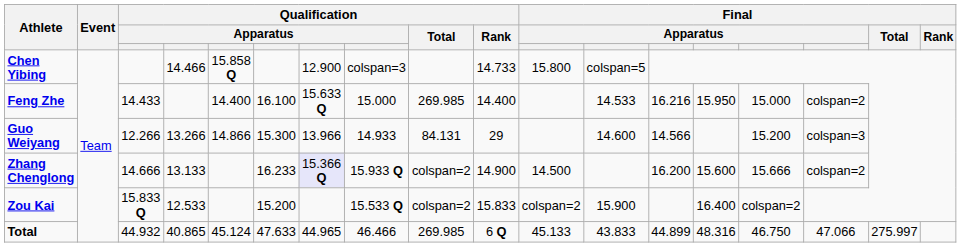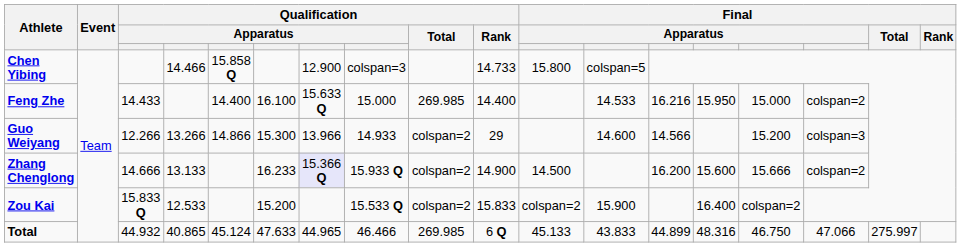 <table class="wikitable" style="font-size:90%">
 <tr>
 <th rowspan=3>Athlete</th>
 <th rowspan=3>Event</th>
 <th colspan =8>Qualification</th>
 <th colspan =8>Final</th>
 </tr>
 <tr style="font-size:95%">
 <th colspan=6>Apparatus</th>
 <th rowspan=2>Total</th>
 <th rowspan=2>Rank</th>
 <th colspan=6>Apparatus</th>
 <th rowspan=2>Total</th>
 <th rowspan=2>Rank</th>
 </tr>
 <tr style="font-size:95%">
 <th></th>
 <th></th>
 <th></th>
 <th></th>
 <th></th>
 <th></th>
 <th></th>
 <th></th>
 <th></th>
 <th></th>
 <th></th>
 <th></th>
 </tr>
 <tr align=center>
 <td align=left><strong><a href='#'>Chen Yibing</a></strong></td>
 <td align=left rowspan=6><a href='#'>Team</a></td>
 <td></td>
 <td>14.466</td>
 <td>15.858 <strong>Q</strong></td>
 <td></td>
 <td>12.900</td>
 <td>colspan=3 </td>
 <td></td>
 <td>14.733</td>
 <td>15.800</td>
 <td>colspan=5 </td>
 </tr>
 <tr align=center>
 <td align=left><strong><a href='#'>Feng Zhe</a></strong></td>
 <td>14.433</td>
 <td></td>
 <td>14.400</td>
 <td>16.100</td>
 <td>15.633 <strong>Q</strong></td>
 <td>15.000</td>
 <td>269.985</td>
 <td>14.400</td>
 <td></td>
 <td>14.533</td>
 <td>16.216</td>
 <td>15.950</td>
 <td>15.000</td>
 <td>colspan=2 </td>
 </tr>
 <tr align=center>
 <td align=left><strong><a href='#'>Guo Weiyang</a></strong></td>
 <td>12.266</td>
 <td>13.266</td>
 <td>14.866</td>
 <td>15.300</td>
 <td>13.966</td>
 <td>14.933</td>
-<td>84.131</td>
+<td>colspan=2 </td>
 <td>29</td>
 <td></td>
 <td>14.600</td>
 <td>14.566</td>
 <td></td>
 <td>15.200</td>
 <td>colspan=3 </td>
 </tr>
 <tr align=center>
 <td align=left><strong><a href='#'>Zhang Chenglong</a></strong></td>
 <td>14.666</td>
 <td>13.133</td>
 <td></td>
 <td>16.233</td>
 <td style="background: lavender;">15.366 <strong>Q</strong></td>
 <td>15.933 <strong>Q</strong></td>
 <td>colspan=2 </td>
 <td>14.900</td>
 <td>14.500</td>
 <td></td>
 <td>16.200</td>
 <td>15.600</td>
 <td>15.666</td>
 <td>colspan=2 </td>
 </tr>
 <tr align=center>
 <td align=left><strong><a href='#'>Zou Kai</a></strong></td>
 <td>15.833 <strong>Q</strong></td>
 <td>12.533</td>
 <td></td>
 <td>15.200</td>
 <td></td>
 <td>15.533 <strong>Q</strong></td>
 <td>colspan=2 </td>
 <td>15.833</td>
 <td>colspan=2 </td>
 <td>15.900</td>
 <td></td>
 <td>16.400</td>
 <td>colspan=2 </td>
 </tr>
 <tr align=center>
 <td align=left><strong>Total</strong></td>
 <td>44.932</td>
 <td>40.865</td>
 <td>45.124</td>
 <td>47.633</td>
 <td>44.965</td>
 <td>46.466</td>
 <td>269.985</td>
 <td>6 <strong>Q</strong></td>
 <td>45.133</td>
 <td>43.833</td>
 <td>44.899</td>
 <td>48.316</td>
 <td>46.750</td>
 <td>47.066</td>
 <td>275.997</td>
 <td></td>
 </tr>
 </table>
